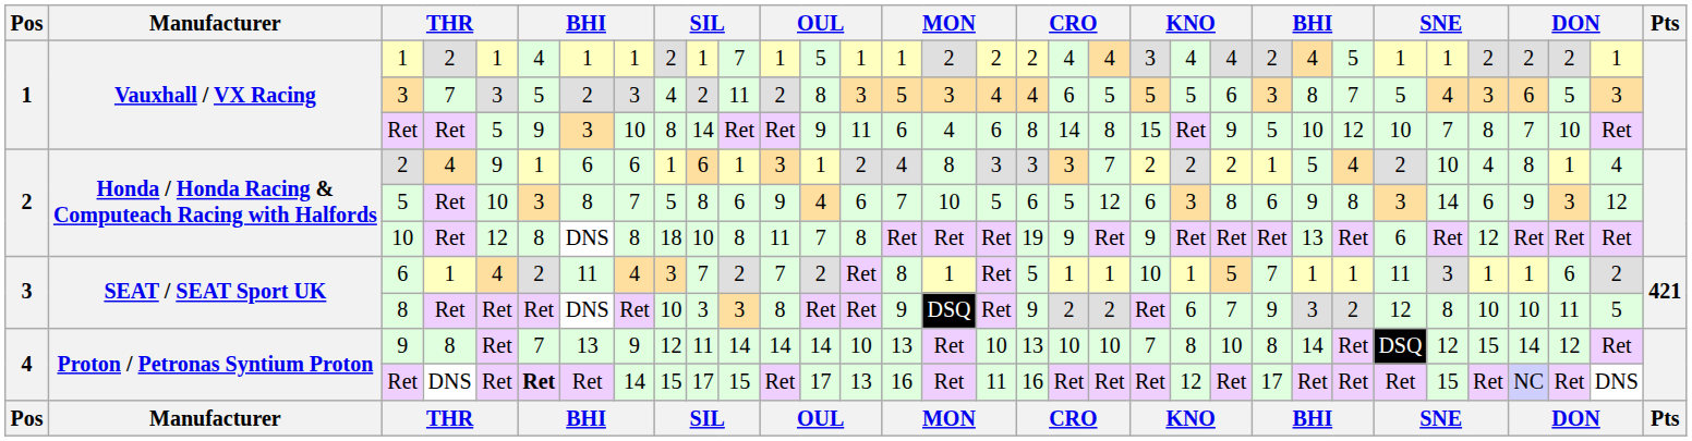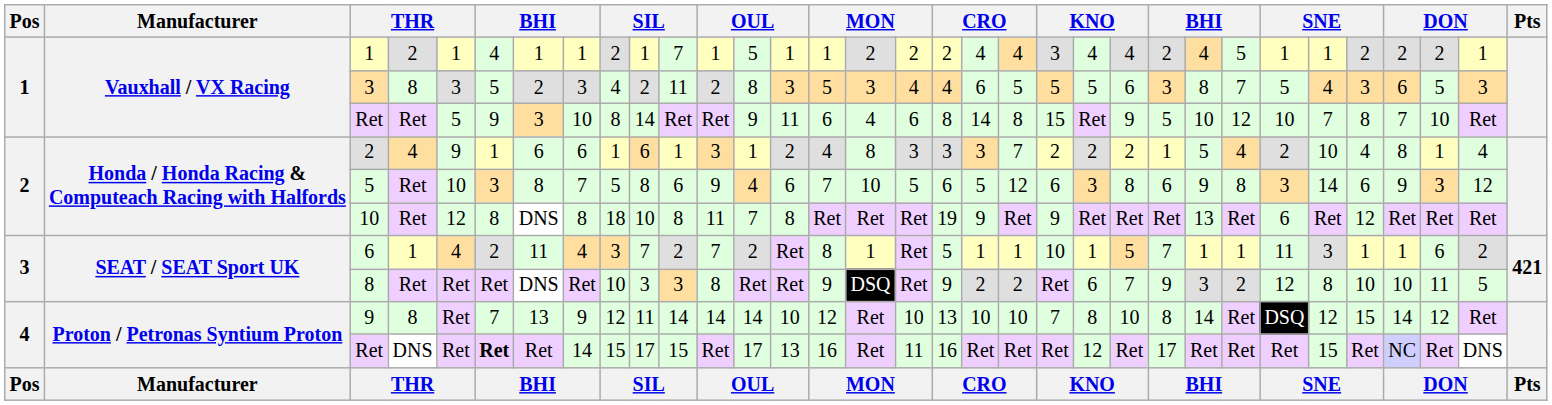 <table class="wikitable" style="font-size: 85%; text-align: center;">
 <tr valign="top">
 <th valign="middle">Pos</th>
 <th valign="middle">Manufacturer</th>
 <th colspan="3"><a href='#'>THR</a></th>
 <th colspan="3"><a href='#'>BHI</a></th>
 <th colspan="3"><a href='#'>SIL</a></th>
 <th colspan="3"><a href='#'>OUL</a></th>
 <th colspan="3"><a href='#'>MON</a></th>
 <th colspan="3"><a href='#'>CRO</a></th>
 <th colspan="3"><a href='#'>KNO</a></th>
 <th colspan="3"><a href='#'>BHI</a></th>
 <th colspan="3"><a href='#'>SNE</a></th>
 <th colspan="3"><a href='#'>DON</a></th>
 <th valign=middle>Pts</th>
 </tr>
 <tr>
 <th rowspan=3>1</th>
 <th rowspan=3 align=left><a href='#'>Vauxhall</a> / <a href='#'>VX Racing</a></th>
 <td style="background-color:#FFFFBF">1</td>
 <td style="background-color:#DFDFDF">2</td>
 <td style="background-color:#FFFFBF">1</td>
 <td style="background-color:#dfffdf">4</td>
 <td style="background-color:#FFFFBF">1</td>
 <td style="background-color:#FFFFBF">1</td>
 <td style="background-color:#DFDFDF">2</td>
 <td style="background-color:#FFFFBF">1</td>
 <td style="background-color:#dfffdf">7</td>
 <td style="background-color:#FFFFBF">1</td>
 <td style="background-color:#dfffdf">5</td>
 <td style="background-color:#FFFFBF">1</td>
 <td style="background-color:#FFFFBF">1</td>
 <td style="background-color:#DFDFDF">2</td>
 <td style="background-color:#FFFFBF">2</td>
 <td style="background-color:#FFFFBF">2</td>
 <td style="background-color:#dfffdf">4</td>
 <td style="background-color:#ffdf9f">4</td>
 <td style="background-color:#DFDFDF">3</td>
 <td style="background-color:#dfffdf">4</td>
 <td style="background-color:#DFDFDF">4</td>
 <td style="background-color:#DFDFDF">2</td>
 <td style="background-color:#ffdf9f">4</td>
 <td style="background-color:#dfffdf">5</td>
 <td style="background-color:#FFFFBF">1</td>
 <td style="background-color:#FFFFBF">1</td>
 <td style="background-color:#DFDFDF">2</td>
 <td style="background-color:#DFDFDF">2</td>
 <td style="background-color:#DFDFDF">2</td>
 <td style="background-color:#FFFFBF">1</td>
 <th rowspan=3></th>
 </tr>
 <tr>
 <td style="background-color:#ffdf9f">3</td>
-<td style="background-color:#dfffdf">7</td>
+<td style="background-color:#dfffdf">8</td>
 <td style="background-color:#DFDFDF">3</td>
 <td style="background-color:#dfffdf">5</td>
 <td style="background-color:#DFDFDF">2</td>
 <td style="background-color:#DFDFDF">3</td>
 <td style="background-color:#dfffdf">4</td>
 <td style="background-color:#DFDFDF">2</td>
 <td style="background-color:#dfffdf">11</td>
 <td style="background-color:#DFDFDF">2</td>
 <td style="background-color:#dfffdf">8</td>
 <td style="background-color:#ffdf9f">3</td>
 <td style="background-color:#ffdf9f">5</td>
 <td style="background-color:#ffdf9f">3</td>
 <td style="background-color:#ffdf9f">4</td>
 <td style="background-color:#ffdf9f">4</td>
 <td style="background-color:#dfffdf">6</td>
 <td style="background-color:#dfffdf">5</td>
 <td style="background-color:#ffdf9f">5</td>
 <td style="background-color:#dfffdf">5</td>
 <td style="background-color:#dfffdf">6</td>
 <td style="background-color:#ffdf9f">3</td>
 <td style="background-color:#dfffdf">8</td>
 <td style="background-color:#dfffdf">7</td>
 <td style="background-color:#dfffdf">5</td>
 <td style="background-color:#ffdf9f">4</td>
 <td style="background-color:#ffdf9f">3</td>
 <td style="background-color:#ffdf9f">6</td>
 <td style="background-color:#dfffdf">5</td>
 <td style="background-color:#ffdf9f">3</td>
 </tr>
 <tr>
 <td style="background-color:#EFCFFF">Ret</td>
 <td style="background-color:#EFCFFF">Ret</td>
 <td style="background-color:#dfffdf">5</td>
 <td style="background-color:#dfffdf">9</td>
 <td style="background-color:#ffdf9f">3</td>
 <td style="background-color:#dfffdf">10</td>
 <td style="background-color:#dfffdf">8</td>
 <td style="background-color:#dfffdf">14</td>
 <td style="background-color:#EFCFFF">Ret</td>
 <td style="background-color:#EFCFFF">Ret</td>
 <td style="background-color:#dfffdf">9</td>
 <td style="background-color:#dfffdf">11</td>
 <td style="background-color:#dfffdf">6</td>
 <td style="background-color:#dfffdf">4</td>
 <td style="background-color:#dfffdf">6</td>
 <td style="background-color:#dfffdf">8</td>
 <td style="background-color:#dfffdf">14</td>
 <td style="background-color:#dfffdf">8</td>
 <td style="background-color:#dfffdf">15</td>
 <td style="background-color:#EFCFFF">Ret</td>
 <td style="background-color:#dfffdf">9</td>
 <td style="background-color:#dfffdf">5</td>
 <td style="background-color:#dfffdf">10</td>
 <td style="background-color:#dfffdf">12</td>
 <td style="background-color:#dfffdf">10</td>
 <td style="background-color:#dfffdf">7</td>
 <td style="background-color:#dfffdf">8</td>
 <td style="background-color:#dfffdf">7</td>
 <td style="background-color:#dfffdf">10</td>
 <td style="background-color:#EFCFFF">Ret</td>
 </tr>
 <tr>
 <th rowspan=3>2</th>
 <th rowspan=3 align=left nowrap><a href='#'>Honda</a> / <a href='#'>Honda Racing</a> &<br><a href='#'>Computeach Racing with Halfords</a></th>
 <td style="background-color:#DFDFDF">2</td>
 <td style="background-color:#ffdf9f">4</td>
 <td style="background-color:#dfffdf">9</td>
 <td style="background-color:#FFFFBF">1</td>
 <td style="background-color:#dfffdf">6</td>
 <td style="background-color:#dfffdf">6</td>
 <td style="background-color:#FFFFBF">1</td>
 <td style="background-color:#ffdf9f">6</td>
 <td style="background-color:#FFFFBF">1</td>
 <td style="background-color:#ffdf9f">3</td>
 <td style="background-color:#FFFFBF">1</td>
 <td style="background-color:#DFDFDF">2</td>
 <td style="background-color:#DFDFDF">4</td>
 <td style="background-color:#dfffdf">8</td>
 <td style="background-color:#DFDFDF">3</td>
 <td style="background-color:#DFDFDF">3</td>
 <td style="background-color:#ffdf9f">3</td>
 <td style="background-color:#dfffdf">7</td>
 <td style="background-color:#FFFFBF">2</td>
 <td style="background-color:#DFDFDF">2</td>
 <td style="background-color:#FFFFBF">2</td>
 <td style="background-color:#FFFFBF">1</td>
 <td style="background-color:#dfffdf">5</td>
 <td style="background-color:#ffdf9f">4</td>
 <td style="background-color:#DFDFDF">2</td>
 <td style="background-color:#dfffdf">10</td>
 <td style="background-color:#dfffdf">4</td>
 <td style="background-color:#dfffdf">8</td>
 <td style="background-color:#FFFFBF">1</td>
 <td style="background-color:#dfffdf">4</td>
 <th rowspan=3></th>
 </tr>
 <tr>
 <td style="background-color:#dfffdf">5</td>
 <td style="background-color:#EFCFFF">Ret</td>
 <td style="background-color:#dfffdf">10</td>
 <td style="background-color:#ffdf9f">3</td>
 <td style="background-color:#dfffdf">8</td>
 <td style="background-color:#dfffdf">7</td>
 <td style="background-color:#dfffdf">5</td>
 <td style="background-color:#dfffdf">8</td>
 <td style="background-color:#dfffdf">6</td>
 <td style="background-color:#dfffdf">9</td>
 <td style="background-color:#ffdf9f">4</td>
 <td style="background-color:#dfffdf">6</td>
 <td style="background-color:#dfffdf">7</td>
 <td style="background-color:#dfffdf">10</td>
 <td style="background-color:#dfffdf">5</td>
 <td style="background-color:#dfffdf">6</td>
 <td style="background-color:#dfffdf">5</td>
 <td style="background-color:#dfffdf">12</td>
 <td style="background-color:#dfffdf">6</td>
 <td style="background-color:#ffdf9f">3</td>
 <td style="background-color:#dfffdf">8</td>
 <td style="background-color:#dfffdf">6</td>
 <td style="background-color:#dfffdf">9</td>
 <td style="background-color:#dfffdf">8</td>
 <td style="background-color:#ffdf9f">3</td>
 <td style="background-color:#dfffdf">14</td>
 <td style="background-color:#dfffdf">6</td>
 <td style="background-color:#dfffdf">9</td>
 <td style="background-color:#ffdf9f">3</td>
 <td style="background-color:#dfffdf">12</td>
 </tr>
 <tr>
 <td style="background-color:#dfffdf">10</td>
 <td style="background-color:#EFCFFF">Ret</td>
 <td style="background-color:#dfffdf">12</td>
 <td style="background-color:#dfffdf">8</td>
 <td style="background-color:white">DNS</td>
 <td style="background-color:#dfffdf">8</td>
 <td style="background-color:#dfffdf">18</td>
 <td style="background-color:#dfffdf">10</td>
 <td style="background-color:#dfffdf">8</td>
 <td style="background-color:#dfffdf">11</td>
 <td style="background-color:#dfffdf">7</td>
 <td style="background-color:#dfffdf">8</td>
 <td style="background-color:#EFCFFF">Ret</td>
 <td style="background-color:#EFCFFF">Ret</td>
 <td style="background-color:#EFCFFF">Ret</td>
 <td style="background-color:#dfffdf">19</td>
 <td style="background-color:#dfffdf">9</td>
 <td style="background-color:#EFCFFF">Ret</td>
 <td style="background-color:#dfffdf">9</td>
 <td style="background-color:#EFCFFF">Ret</td>
 <td style="background-color:#EFCFFF">Ret</td>
 <td style="background-color:#EFCFFF">Ret</td>
 <td style="background-color:#dfffdf">13</td>
 <td style="background-color:#EFCFFF">Ret</td>
 <td style="background-color:#dfffdf">6</td>
 <td style="background-color:#EFCFFF">Ret</td>
 <td style="background-color:#dfffdf">12</td>
 <td style="background-color:#EFCFFF">Ret</td>
 <td style="background-color:#EFCFFF">Ret</td>
 <td style="background-color:#EFCFFF">Ret</td>
 </tr>
 <tr>
 <th rowspan=2>3</th>
 <th rowspan=2 align=left><a href='#'>SEAT</a> / <a href='#'>SEAT Sport UK</a></th>
 <td style="background-color:#dfffdf">6</td>
 <td style="background-color:#FFFFBF">1</td>
 <td style="background-color:#ffdf9f">4</td>
 <td style="background-color:#DFDFDF">2</td>
 <td style="background-color:#dfffdf">11</td>
 <td style="background-color:#ffdf9f">4</td>
 <td style="background-color:#ffdf9f">3</td>
 <td style="background-color:#dfffdf">7</td>
 <td style="background-color:#DFDFDF">2</td>
 <td style="background-color:#dfffdf">7</td>
 <td style="background-color:#DFDFDF">2</td>
 <td style="background-color:#EFCFFF">Ret</td>
 <td style="background-color:#dfffdf">8</td>
 <td style="background-color:#FFFFBF">1</td>
 <td style="background-color:#EFCFFF">Ret</td>
 <td style="background-color:#dfffdf">5</td>
 <td style="background-color:#FFFFBF">1</td>
 <td style="background-color:#FFFFBF">1</td>
 <td style="background-color:#dfffdf">10</td>
 <td style="background-color:#FFFFBF">1</td>
 <td style="background-color:#ffdf9f">5</td>
 <td style="background-color:#dfffdf">7</td>
 <td style="background-color:#FFFFBF">1</td>
 <td style="background-color:#FFFFBF">1</td>
 <td style="background-color:#dfffdf">11</td>
 <td style="background-color:#DFDFDF">3</td>
 <td style="background-color:#FFFFBF">1</td>
 <td style="background-color:#FFFFBF">1</td>
 <td style="background-color:#dfffdf">6</td>
 <td style="background-color:#DFDFDF">2</td>
 <th rowspan=2>421</th>
 </tr>
 <tr>
 <td style="background-color:#dfffdf">8</td>
 <td style="background-color:#EFCFFF">Ret</td>
 <td style="background-color:#EFCFFF">Ret</td>
 <td style="background-color:#EFCFFF">Ret</td>
 <td style="background-color:white">DNS</td>
 <td style="background-color:#EFCFFF">Ret</td>
 <td style="background-color:#dfffdf">10</td>
 <td style="background-color:#dfffdf">3</td>
 <td style="background-color:#ffdf9f">3</td>
 <td style="background-color:#dfffdf">8</td>
 <td style="background-color:#EFCFFF">Ret</td>
 <td style="background-color:#EFCFFF">Ret</td>
 <td style="background-color:#dfffdf">9</td>
 <td style="background:#000000; color:white">DSQ</td>
 <td style="background-color:#EFCFFF">Ret</td>
 <td style="background-color:#dfffdf">9</td>
 <td style="background-color:#DFDFDF">2</td>
 <td style="background-color:#DFDFDF">2</td>
 <td style="background-color:#EFCFFF">Ret</td>
 <td style="background-color:#dfffdf">6</td>
 <td style="background-color:#dfffdf">7</td>
 <td style="background-color:#dfffdf">9</td>
 <td style="background-color:#DFDFDF">3</td>
 <td style="background-color:#DFDFDF">2</td>
 <td style="background-color:#dfffdf">12</td>
 <td style="background-color:#dfffdf">8</td>
 <td style="background-color:#dfffdf">10</td>
 <td style="background-color:#dfffdf">10</td>
 <td style="background-color:#dfffdf">11</td>
 <td style="background-color:#dfffdf">5</td>
 </tr>
 <tr>
 <th rowspan=2>4</th>
 <th rowspan=2 align=left><a href='#'>Proton</a> / <a href='#'>Petronas Syntium Proton</a></th>
 <td style="background-color:#dfffdf">9</td>
 <td style="background-color:#dfffdf">8</td>
 <td style="background-color:#EFCFFF">Ret</td>
 <td style="background-color:#dfffdf">7</td>
 <td style="background-color:#dfffdf">13</td>
 <td style="background-color:#dfffdf">9</td>
 <td style="background-color:#dfffdf">12</td>
 <td style="background-color:#dfffdf">11</td>
 <td style="background-color:#dfffdf">14</td>
 <td style="background-color:#dfffdf">14</td>
 <td style="background-color:#dfffdf">14</td>
 <td style="background-color:#dfffdf">10</td>
-<td style="background-color:#dfffdf">13</td>
+<td style="background-color:#dfffdf">12</td>
 <td style="background-color:#EFCFFF">Ret</td>
 <td style="background-color:#dfffdf">10</td>
 <td style="background-color:#dfffdf">13</td>
 <td style="background-color:#dfffdf">10</td>
 <td style="background-color:#dfffdf">10</td>
 <td style="background-color:#dfffdf">7</td>
 <td style="background-color:#dfffdf">8</td>
 <td style="background-color:#dfffdf">10</td>
 <td style="background-color:#dfffdf">8</td>
 <td style="background-color:#dfffdf">14</td>
 <td style="background-color:#EFCFFF">Ret</td>
 <td align="center" valign="bottom" style="background:#000000; color:white">DSQ</td>
 <td style="background-color:#dfffdf">12</td>
 <td style="background-color:#dfffdf">15</td>
 <td style="background-color:#dfffdf">14</td>
 <td style="background-color:#dfffdf">12</td>
 <td style="background-color:#EFCFFF">Ret</td>
 <th rowspan=2></th>
 </tr>
 <tr>
 <td style="background-color:#EFCFFF">Ret</td>
 <td style="background-color:white">DNS</td>
 <td style="background-color:#EFCFFF">Ret</td>
 <td style="background-color:#EFCFFF"><strong>Ret</strong></td>
 <td style="background-color:#EFCFFF">Ret</td>
 <td style="background-color:#dfffdf">14</td>
 <td style="background-color:#dfffdf">15</td>
 <td style="background-color:#dfffdf">17</td>
 <td style="background-color:#dfffdf">15</td>
 <td style="background-color:#EFCFFF">Ret</td>
 <td style="background-color:#dfffdf">17</td>
 <td style="background-color:#dfffdf">13</td>
 <td style="background-color:#dfffdf">16</td>
 <td style="background-color:#EFCFFF">Ret</td>
 <td style="background-color:#dfffdf">11</td>
 <td style="background-color:#dfffdf">16</td>
 <td style="background-color:#EFCFFF">Ret</td>
 <td style="background-color:#EFCFFF">Ret</td>
 <td style="background-color:#EFCFFF">Ret</td>
 <td style="background-color:#dfffdf">12</td>
 <td style="background-color:#EFCFFF">Ret</td>
 <td style="background-color:#dfffdf">17</td>
 <td style="background-color:#EFCFFF">Ret</td>
 <td style="background-color:#EFCFFF">Ret</td>
 <td style="background-color:#EFCFFF">Ret</td>
 <td style="background-color:#dfffdf">15</td>
 <td style="background-color:#EFCFFF">Ret</td>
 <td style="background-color:#CFCFFF">NC</td>
 <td style="background-color:#EFCFFF">Ret</td>
 <td style="background-color:white">DNS</td>
 </tr>
 <tr>
 <th valign="middle">Pos</th>
 <th valign="middle">Manufacturer</th>
 <th colspan="3"><a href='#'>THR</a></th>
 <th colspan="3"><a href='#'>BHI</a></th>
 <th colspan="3"><a href='#'>SIL</a></th>
 <th colspan="3"><a href='#'>OUL</a></th>
 <th colspan="3"><a href='#'>MON</a></th>
 <th colspan="3"><a href='#'>CRO</a></th>
 <th colspan="3"><a href='#'>KNO</a></th>
 <th colspan="3"><a href='#'>BHI</a></th>
 <th colspan="3"><a href='#'>SNE</a></th>
 <th colspan="3"><a href='#'>DON</a></th>
 <th valign=middle>Pts</th>
 </tr>
 </table>
